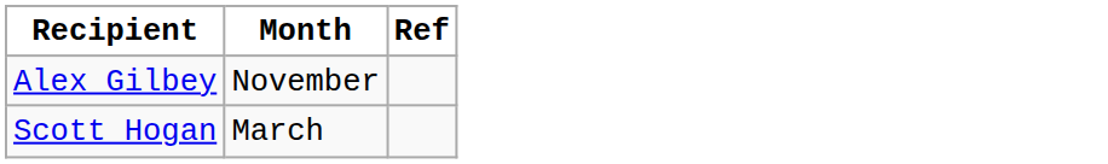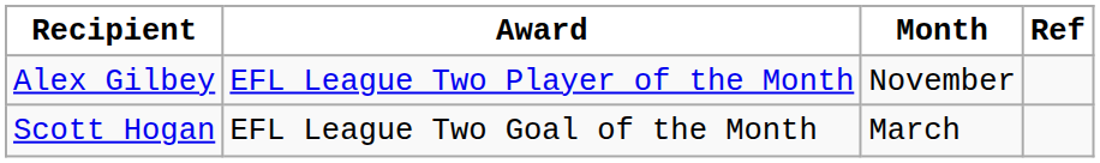 <table class="wikitable plainrowheaders sortable">
 <tr>
 <th style="background:white; color:black; ">Recipient</th>
+<th style="background:white; color:black; ">Award</th>
 <th style="background:white; color:black; ">Month</th>
 <th style="background:white; color:black; ">Ref</th>
 </tr>
 <tr>
 <td> <a href='#'>Alex Gilbey</a></td>
+<td><a href='#'>EFL League Two Player of the Month</a></td>
 <td>November</td>
 <td></td>
 </tr>
 <tr>
 <td> <a href='#'>Scott Hogan</a></td>
+<td>EFL League Two Goal of the Month</td>
 <td>March</td>
 <td></td>
 </tr>
 </table>
